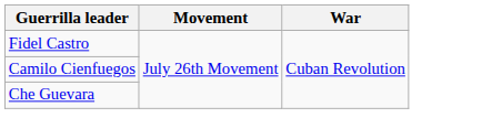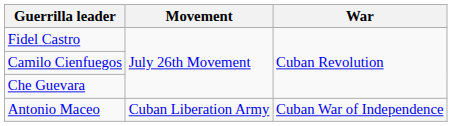 <table class="wikitable">
 <tr>
 <th>Guerrilla leader</th>
 <th>Movement</th>
 <th>War</th>
 </tr>
 <tr>
 <td><a href='#'>Fidel Castro</a></td>
 <td rowspan="3"><a href='#'>July 26th Movement</a></td>
 <td rowspan="3"><a href='#'>Cuban Revolution</a></td>
 </tr>
 <tr>
 <td><a href='#'>Camilo Cienfuegos</a></td>
 </tr>
 <tr>
 <td><a href='#'>Che Guevara</a></td>
 </tr>
+<tr>
+<td><a href='#'>Antonio Maceo</a></td>
+<td><a href='#'>Cuban Liberation Army</a></td>
+<td><a href='#'>Cuban War of Independence</a></td>
+</tr>
 </table>
